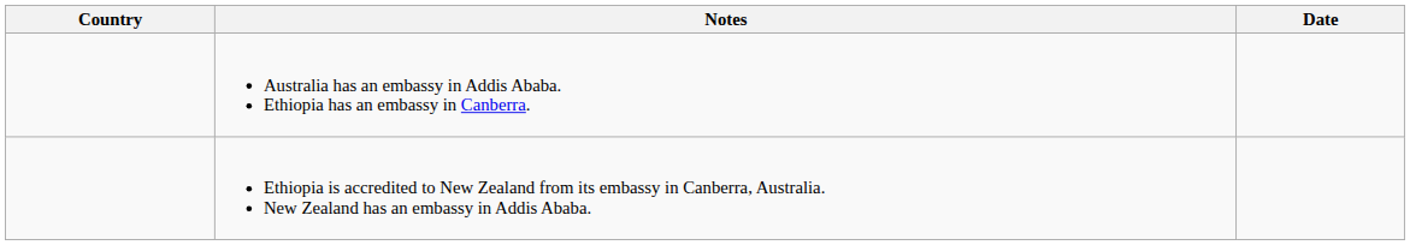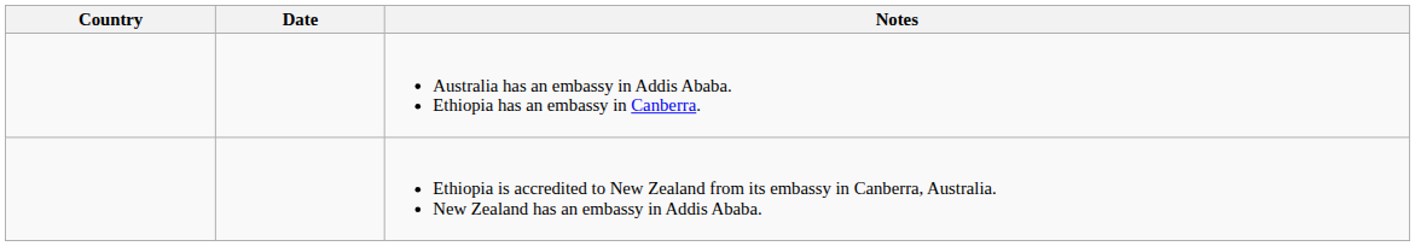 <table class="wikitable sortable" style="width:100%; margin:auto;">
 <tr>
 <th style="width:15%;">Country</th>
+<th style="width:12%;">Date</th>
 <th>Notes</th>
-<th style="width:12%;">Date</th>
 </tr>
 <tr valign="top">
 <td></td>
+<td></td>
 <td><br><ul><li>Australia has an embassy in Addis Ababa.</li><li>Ethiopia has an embassy in <a href='#'>Canberra</a>.</li></ul></td>
-<td></td>
 </tr>
 <tr valign="top">
 <td></td>
+<td></td>
 <td><br><ul><li>Ethiopia is accredited to New Zealand from its embassy in Canberra, Australia.</li><li>New Zealand has an embassy in Addis Ababa.</li></ul></td>
-<td></td>
 </tr>
 </table>
